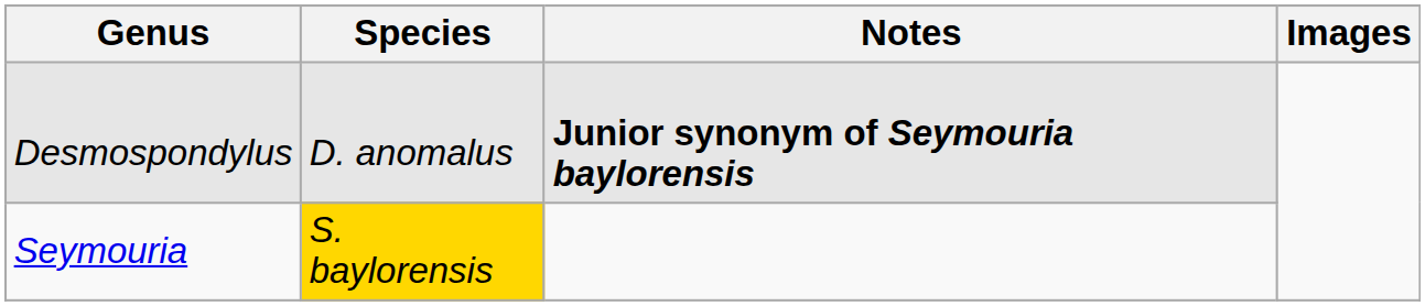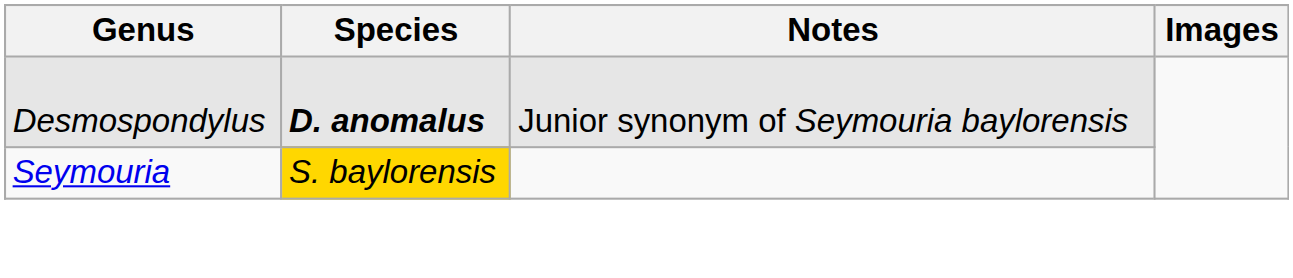 <table class="wikitable" align="center" width="100%">
 <tr>
 <th>Genus</th>
 <th>Species</th>
 <th>Notes</th>
 <th>Images</th>
 </tr>
 <tr>
 <td style="background:#E6E6E6;"><br><em>Desmospondylus</em></td>
-<td style="background:#E6E6E6;"><br><em>D. anomalus</em></td>
-<td style="background:#E6E6E6;"><strong><br>Junior synonym of <em>Seymouria baylorensis</em></strong></td>
+<td style="background:#E6E6E6;"><strong><br><em>D. anomalus</em></strong></td>
+<td style="background:#E6E6E6;"><br>Junior synonym of <em>Seymouria baylorensis</em></td>
 <td rowspan="99"><br></td>
 </tr>
 <tr>
 <td><em><a href='#'>Seymouria</a></em></td>
 <td style="background: gold;"><em>S. baylorensis</em></td>
 <td></td>
 </tr>
 </table>
